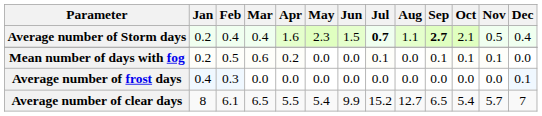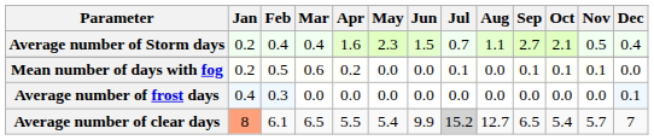 <table class="wikitable collapsible plainrowheaders" style="text-align:center;">
 <tr style="vertical-align:middle;">
 <th>Parameter</th>
 <th>Jan</th>
 <th>Feb</th>
 <th>Mar</th>
 <th>Apr</th>
 <th>May</th>
 <th>Jun</th>
 <th>Jul</th>
 <th>Aug</th>
 <th>Sep</th>
 <th>Oct</th>
 <th>Nov</th>
 <th>Dec</th>
 </tr>
 <tr>
 <th>Average number of Storm days</th>
 <td style="background-color: #F0FFF0; color: black;">0.2</td>
 <td style="background-color: #F0FFF0; color: black;">0.4</td>
 <td style="background-color: #F0FFF0; color: black;">0.4</td>
 <td style="background-color: #E5FFCC; color: black;">1.6</td>
 <td style="background-color: #E0FFC0; color: black;">2.3</td>
 <td style="background-color: #E5FFCC; color: black;">1.5</td>
-<td style="background-color: #F0FFF0; color: black;"><strong>0.7</strong></td>
+<td style="background-color: #F0FFF0; color: black;">0.7</td>
 <td style="background-color: #E5FFCC; color: black;">1.1</td>
-<td style="background-color: #E0FFC0; color: black;"><strong>2.7</strong></td>
+<td style="background-color: #E0FFC0; color: black;">2.7</td>
 <td style="background-color: #E0FFC0; color: black;">2.1</td>
 <td style="background-color: #F0FFF0; color: black;">0.5</td>
 <td style="background-color: #F0FFF0; color: black;">0.4</td>
 </tr>
 <tr>
 </tr>
 <tr>
 <th>Mean number of days with <a href='#'>fog</a></th>
 <td style="background-color: #FEFEFA; color: black;">0.2</td>
 <td style="background-color: #FEFEFA; color: black;">0.5</td>
 <td style="background-color: #FEFEFA; color: black;">0.6</td>
 <td style="background-color: #FEFEFA; color: black;">0.2</td>
 <td style="background-color: #FFFFFF; color: black;">0.0</td>
 <td style="background-color: #FFFFFF; color: black;">0.0</td>
 <td style="background-color: #FEFEFA; color: black;">0.1</td>
 <td style="background-color: #FFFFFF; color: black;">0.0</td>
 <td style="background-color: #FEFEFA; color: black;">0.1</td>
 <td style="background-color: #FEFEFA; color: black;">0.1</td>
 <td style="background-color: #FEFEFA; color: black;">0.1</td>
 <td style="background-color: #FFFFFF; color: black;">0.0</td>
 </tr>
 <tr>
 <th>Average number of <a href='#'>frost</a> days</th>
 <td style="background-color: #F0F8FF; color: black;">0.4</td>
 <td style="background-color: #F0F8FF; color: black;">0.3</td>
 <td style="background-color: #FFFFFF; color: black;">0.0</td>
 <td style="background-color: #FFFFFF; color: black;">0.0</td>
 <td style="background-color: #FFFFFF; color: black;">0.0</td>
 <td style="background-color: #FFFFFF; color: black;">0.0</td>
 <td style="background-color: #FFFFFF; color: black;">0.0</td>
 <td style="background-color: #FFFFFF; color: black;">0.0</td>
 <td style="background-color: #FFFFFF; color: black;">0.0</td>
 <td style="background-color: #FFFFFF; color: black;">0.0</td>
 <td style="background-color: #FFFFFF; color: black;">0.0</td>
 <td style="background-color: #F0F8FF; color: black;">0.1</td>
 </tr>
 <tr>
 <th>Average number of clear days</th>
-<td>8</td>
+<td style="background: lightsalmon;">8</td>
 <td>6.1</td>
 <td>6.5</td>
 <td>5.5</td>
 <td>5.4</td>
 <td>9.9</td>
-<td>15.2</td>
+<td style="background: lightgrey;">15.2</td>
 <td>12.7</td>
 <td>6.5</td>
 <td>5.4</td>
 <td>5.7</td>
 <td>7</td>
 </tr>
 </table>
